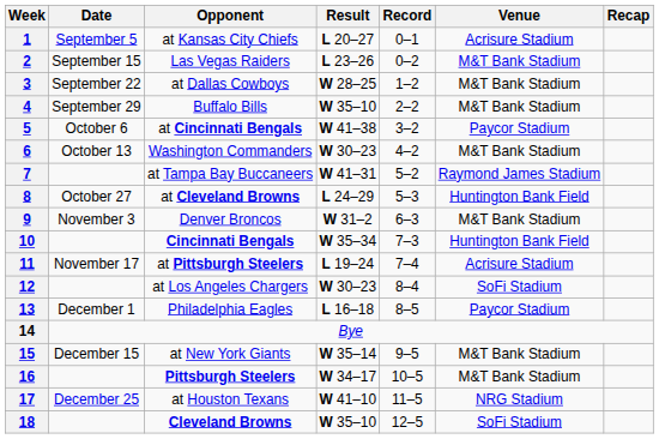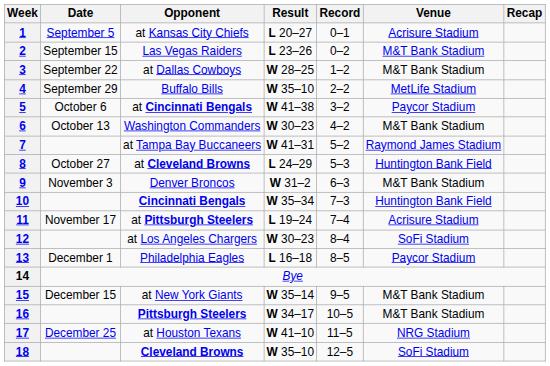 <table class="wikitable" style="text-align:center">
 <tr>
 <th>Week</th>
 <th>Date</th>
 <th>Opponent</th>
 <th>Result</th>
 <th>Record</th>
 <th>Venue</th>
 <th>Recap</th>
 </tr>
 <tr>
 <th><a href='#'>1</a></th>
 <td><a href='#'>September 5</a></td>
 <td>at <a href='#'>Kansas City Chiefs</a></td>
 <td><strong>L</strong> 20–27</td>
 <td>0–1</td>
 <td><a href='#'>Acrisure Stadium</a></td>
 <td></td>
 </tr>
 <tr>
 <th><a href='#'>2</a></th>
 <td>September 15</td>
 <td><a href='#'>Las Vegas Raiders</a></td>
 <td><strong>L</strong> 23–26</td>
 <td>0–2</td>
 <td><a href='#'>M&T Bank Stadium</a></td>
 <td></td>
 </tr>
 <tr>
 <th><a href='#'>3</a></th>
 <td>September 22</td>
 <td>at <a href='#'>Dallas Cowboys</a></td>
 <td><strong>W</strong> 28–25</td>
 <td>1–2</td>
 <td>M&T Bank Stadium</td>
 <td></td>
 </tr>
 <tr>
 <th><a href='#'>4</a></th>
 <td>September 29</td>
 <td><a href='#'>Buffalo Bills</a></td>
 <td><strong>W</strong> 35–10</td>
 <td>2–2</td>
-<td>M&T Bank Stadium</td>
+<td><a href='#'>MetLife Stadium</a></td>
 <td></td>
 </tr>
 <tr>
 <th><a href='#'>5</a></th>
 <td>October 6</td>
 <td>at <strong><a href='#'>Cincinnati Bengals</a></strong></td>
 <td><strong>W</strong> 41–38 </td>
 <td>3–2</td>
 <td><a href='#'>Paycor Stadium</a></td>
 <td></td>
 </tr>
 <tr>
 <th><a href='#'>6</a></th>
 <td>October 13</td>
 <td><a href='#'>Washington Commanders</a></td>
 <td><strong>W</strong> 30–23</td>
 <td>4–2</td>
 <td>M&T Bank Stadium</td>
 <td></td>
 </tr>
 <tr>
 <th><a href='#'>7</a></th>
 <td></td>
 <td>at <a href='#'>Tampa Bay Buccaneers</a></td>
 <td><strong>W</strong> 41–31</td>
 <td>5–2</td>
 <td><a href='#'>Raymond James Stadium</a></td>
 <td></td>
 </tr>
 <tr>
 <th><a href='#'>8</a></th>
 <td>October 27</td>
 <td>at <strong><a href='#'>Cleveland Browns</a></strong></td>
 <td><strong>L</strong> 24–29</td>
 <td>5–3</td>
 <td><a href='#'>Huntington Bank Field</a></td>
 <td></td>
 </tr>
 <tr>
 <th><a href='#'>9</a></th>
 <td>November 3</td>
 <td><a href='#'>Denver Broncos</a></td>
 <td><strong>W</strong> 31–2</td>
 <td>6–3</td>
 <td>M&T Bank Stadium</td>
 <td></td>
 </tr>
 <tr>
 <th><a href='#'>10</a></th>
 <td></td>
 <td><strong><a href='#'>Cincinnati Bengals</a></strong></td>
 <td><strong>W</strong> 35–34</td>
 <td>7–3</td>
 <td><a href='#'>Huntington Bank Field</a></td>
 <td></td>
 </tr>
 <tr>
 <th><a href='#'>11</a></th>
 <td>November 17</td>
 <td>at <strong><a href='#'>Pittsburgh Steelers</a></strong></td>
 <td><strong>L</strong> 19–24</td>
 <td>7–4</td>
 <td><a href='#'>Acrisure Stadium</a></td>
 <td></td>
 </tr>
 <tr>
 <th><a href='#'>12</a></th>
 <td></td>
 <td>at <a href='#'>Los Angeles Chargers</a></td>
 <td><strong>W</strong> 30–23</td>
 <td>8–4</td>
 <td><a href='#'>SoFi Stadium</a></td>
 <td></td>
 </tr>
 <tr>
 <th><a href='#'>13</a></th>
 <td>December 1</td>
 <td><a href='#'>Philadelphia Eagles</a></td>
 <td><strong>L</strong> 16–18</td>
 <td>8–5</td>
 <td><a href='#'>Paycor Stadium</a></td>
 <td></td>
 </tr>
 <tr>
 <th>14</th>
 <td colspan="6"><em><a href='#'>Bye</a></em></td>
 </tr>
 <tr>
 <th><a href='#'>15</a></th>
 <td>December 15</td>
 <td>at <a href='#'>New York Giants</a></td>
 <td><strong>W</strong> 35–14</td>
 <td>9–5</td>
 <td>M&T Bank Stadium</td>
 <td></td>
 </tr>
 <tr>
 <th><a href='#'>16</a></th>
 <td></td>
 <td><strong><a href='#'>Pittsburgh Steelers</a></strong></td>
 <td><strong>W</strong> 34–17</td>
 <td>10–5</td>
 <td>M&T Bank Stadium</td>
 <td></td>
 </tr>
 <tr>
 <th><a href='#'>17</a></th>
 <td><a href='#'>December 25</a></td>
 <td>at <a href='#'>Houston Texans</a></td>
 <td><strong>W</strong> 41–10</td>
 <td>11–5</td>
 <td><a href='#'>NRG Stadium</a></td>
 <td></td>
 </tr>
 <tr>
 <th><a href='#'>18</a></th>
 <td></td>
 <td><strong><a href='#'>Cleveland Browns</a></strong></td>
 <td><strong>W</strong> 35–10</td>
 <td>12–5</td>
 <td><a href='#'>SoFi Stadium</a></td>
 <td></td>
 </tr>
 </table>
